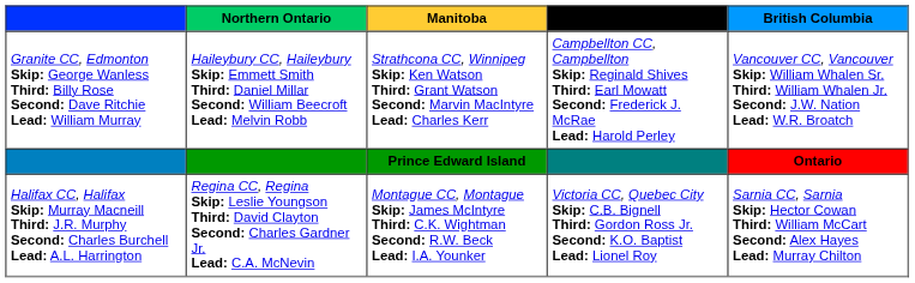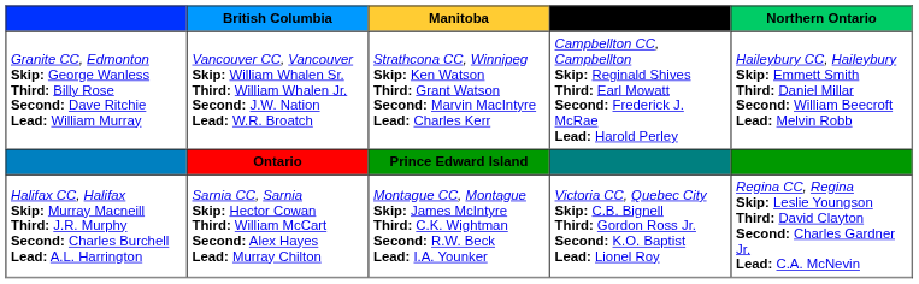 <table - border=1 cellpadding=5 cellspacing=0>
 <tr>
 <th bgcolor=#0033FF width=200></th>
-<th style="background:#0c6; width:200px;">Northern Ontario</th>
+<th style="background:#09f; width:200px;">British Columbia</th>
 <th style="background:#FFCC33; width:200px;">Manitoba</th>
 <th bgcolor=#000000 width=200></th>
-<th style="background:#09f; width:200px;">British Columbia</th>
+<th style="background:#0c6; width:200px;">Northern Ontario</th>
 </tr>
 <tr>
 <td><em><a href='#'>Granite CC</a>, <a href='#'>Edmonton</a></em><br><strong>Skip:</strong> <a href='#'>George Wanless</a><br> <strong>Third:</strong> <a href='#'>Billy Rose</a><br> <strong>Second:</strong> <a href='#'>Dave Ritchie</a><br> <strong>Lead:</strong> <a href='#'>William Murray</a></td>
-<td><em><a href='#'>Haileybury CC</a>, <a href='#'>Haileybury</a></em><br><strong>Skip:</strong> <a href='#'>Emmett Smith</a><br> <strong>Third:</strong> <a href='#'>Daniel Millar</a><br> <strong>Second:</strong> <a href='#'>William Beecroft</a><br> <strong>Lead:</strong> <a href='#'>Melvin Robb</a></td>
+<td><em><a href='#'>Vancouver CC</a>, <a href='#'>Vancouver</a></em><br><strong>Skip:</strong> <a href='#'>William Whalen Sr.</a><br> <strong>Third:</strong> <a href='#'>William Whalen Jr.</a><br> <strong>Second:</strong> <a href='#'>J.W. Nation</a><br> <strong>Lead:</strong> <a href='#'>W.R. Broatch</a></td>
 <td><em><a href='#'>Strathcona CC</a>, <a href='#'>Winnipeg</a></em><br><strong>Skip:</strong> <a href='#'>Ken Watson</a><br> <strong>Third:</strong> <a href='#'>Grant Watson</a><br> <strong>Second:</strong> <a href='#'>Marvin MacIntyre</a><br> <strong>Lead:</strong> <a href='#'>Charles Kerr</a></td>
 <td><em><a href='#'>Campbellton CC</a>, <a href='#'>Campbellton</a></em><br><strong>Skip:</strong> <a href='#'>Reginald Shives</a><br> <strong>Third:</strong> <a href='#'>Earl Mowatt</a><br> <strong>Second:</strong> <a href='#'>Frederick J. McRae</a><br> <strong>Lead:</strong> <a href='#'>Harold Perley</a></td>
-<td><em><a href='#'>Vancouver CC</a>, <a href='#'>Vancouver</a></em><br><strong>Skip:</strong> <a href='#'>William Whalen Sr.</a><br> <strong>Third:</strong> <a href='#'>William Whalen Jr.</a><br> <strong>Second:</strong> <a href='#'>J.W. Nation</a><br> <strong>Lead:</strong> <a href='#'>W.R. Broatch</a></td>
+<td><em><a href='#'>Haileybury CC</a>, <a href='#'>Haileybury</a></em><br><strong>Skip:</strong> <a href='#'>Emmett Smith</a><br> <strong>Third:</strong> <a href='#'>Daniel Millar</a><br> <strong>Second:</strong> <a href='#'>William Beecroft</a><br> <strong>Lead:</strong> <a href='#'>Melvin Robb</a></td>
 </tr>
 <tr border=1 cellpadding=5 cellspacing=0>
 <th bgcolor=#0080C0 width=200></th>
-<th bgcolor=#009900 width=200></th>
+<th bgcolor=#FF0000 width=200>Ontario</th>
 <th style="background:#090; width:200px;">Prince Edward Island</th>
 <th style="background:#008080; width:200px;"></th>
-<th bgcolor=#FF0000 width=200>Ontario</th>
+<th bgcolor=#009900 width=200></th>
 </tr>
 <tr>
 <td><em><a href='#'>Halifax CC</a>, <a href='#'>Halifax</a></em><br><strong>Skip:</strong> <a href='#'>Murray Macneill</a><br> <strong>Third:</strong> <a href='#'>J.R. Murphy</a><br> <strong>Second:</strong> <a href='#'>Charles Burchell</a><br> <strong>Lead:</strong> <a href='#'>A.L. Harrington</a></td>
-<td><em><a href='#'>Regina CC</a>, <a href='#'>Regina</a></em><br><strong>Skip:</strong> <a href='#'>Leslie Youngson</a><br> <strong>Third:</strong> <a href='#'>David Clayton</a><br> <strong>Second:</strong> <a href='#'>Charles Gardner Jr.</a><br> <strong>Lead:</strong> <a href='#'>C.A. McNevin</a></td>
+<td><em><a href='#'>Sarnia CC</a>, <a href='#'>Sarnia</a></em><br><strong>Skip:</strong> <a href='#'>Hector Cowan</a><br> <strong>Third:</strong> <a href='#'>William McCart</a><br> <strong>Second:</strong> <a href='#'>Alex Hayes</a><br> <strong>Lead:</strong> <a href='#'>Murray Chilton</a></td>
 <td><em><a href='#'>Montague CC</a>, <a href='#'>Montague</a></em><br><strong>Skip:</strong> <a href='#'>James McIntyre</a><br> <strong>Third:</strong> <a href='#'>C.K. Wightman</a><br> <strong>Second:</strong> <a href='#'>R.W. Beck</a><br> <strong>Lead:</strong> <a href='#'>I.A. Younker</a></td>
 <td><em><a href='#'>Victoria CC</a>, <a href='#'>Quebec City</a></em><br><strong>Skip:</strong> <a href='#'>C.B. Bignell</a><br> <strong>Third:</strong> <a href='#'>Gordon Ross Jr.</a><br> <strong>Second:</strong> <a href='#'>K.O. Baptist</a><br> <strong>Lead:</strong> <a href='#'>Lionel Roy</a></td>
-<td><em><a href='#'>Sarnia CC</a>, <a href='#'>Sarnia</a></em><br><strong>Skip:</strong> <a href='#'>Hector Cowan</a><br> <strong>Third:</strong> <a href='#'>William McCart</a><br> <strong>Second:</strong> <a href='#'>Alex Hayes</a><br> <strong>Lead:</strong> <a href='#'>Murray Chilton</a></td>
+<td><em><a href='#'>Regina CC</a>, <a href='#'>Regina</a></em><br><strong>Skip:</strong> <a href='#'>Leslie Youngson</a><br> <strong>Third:</strong> <a href='#'>David Clayton</a><br> <strong>Second:</strong> <a href='#'>Charles Gardner Jr.</a><br> <strong>Lead:</strong> <a href='#'>C.A. McNevin</a></td>
 </tr>
 </table>
